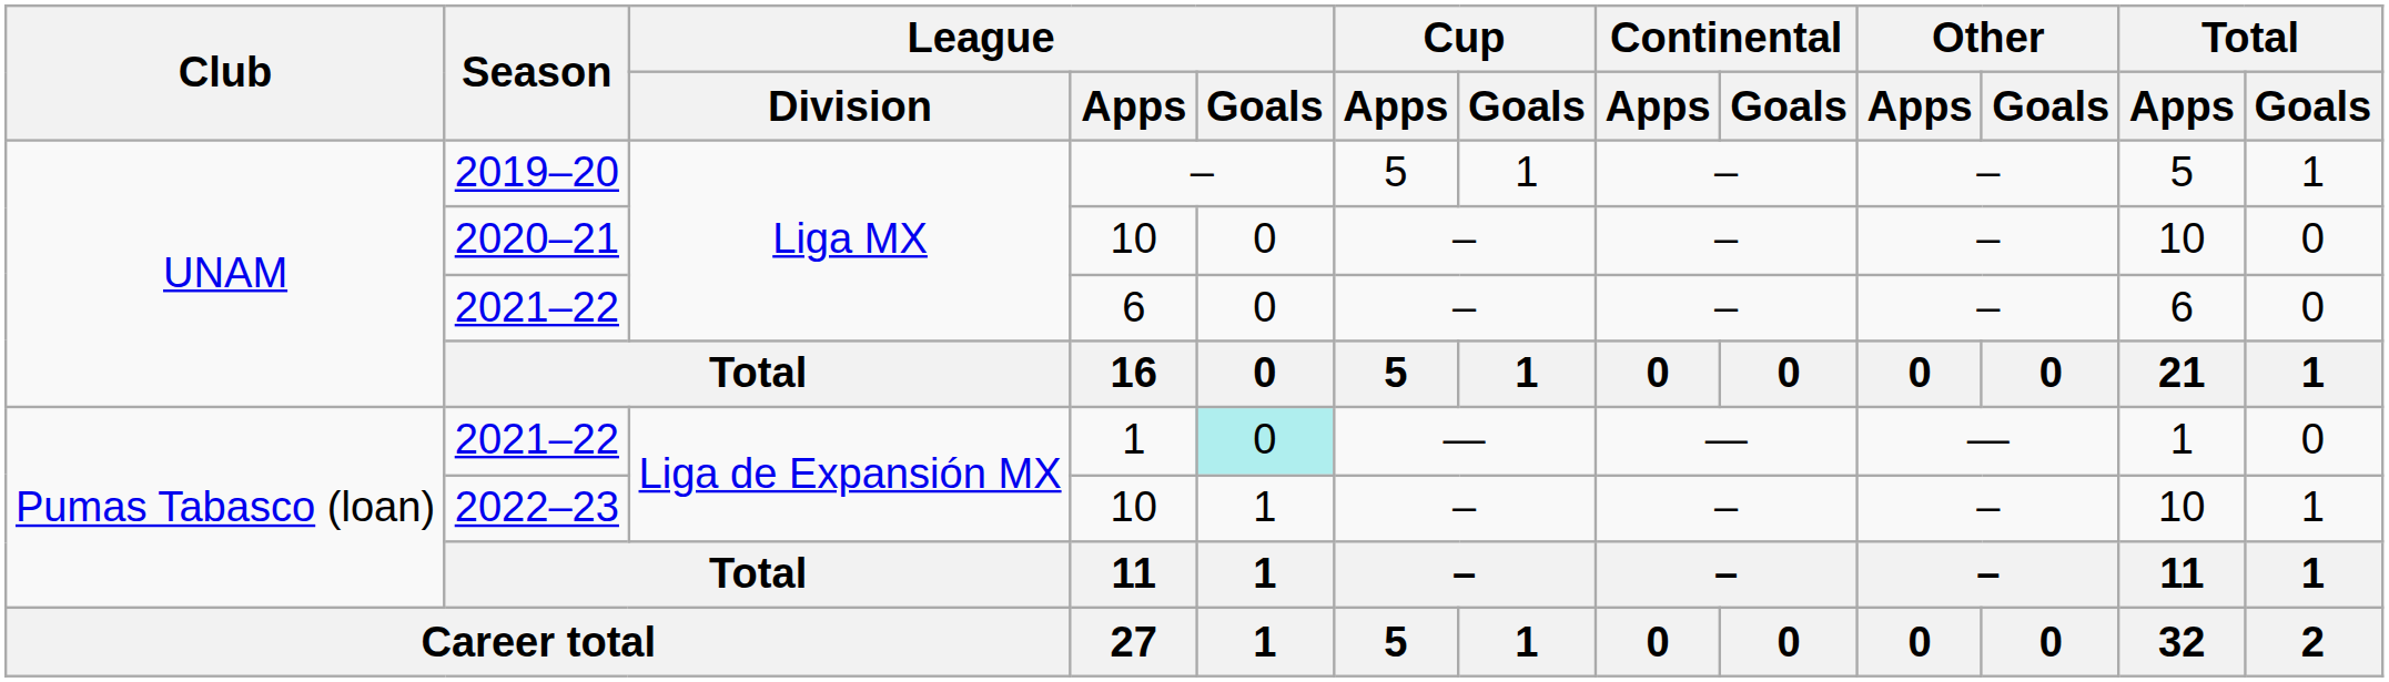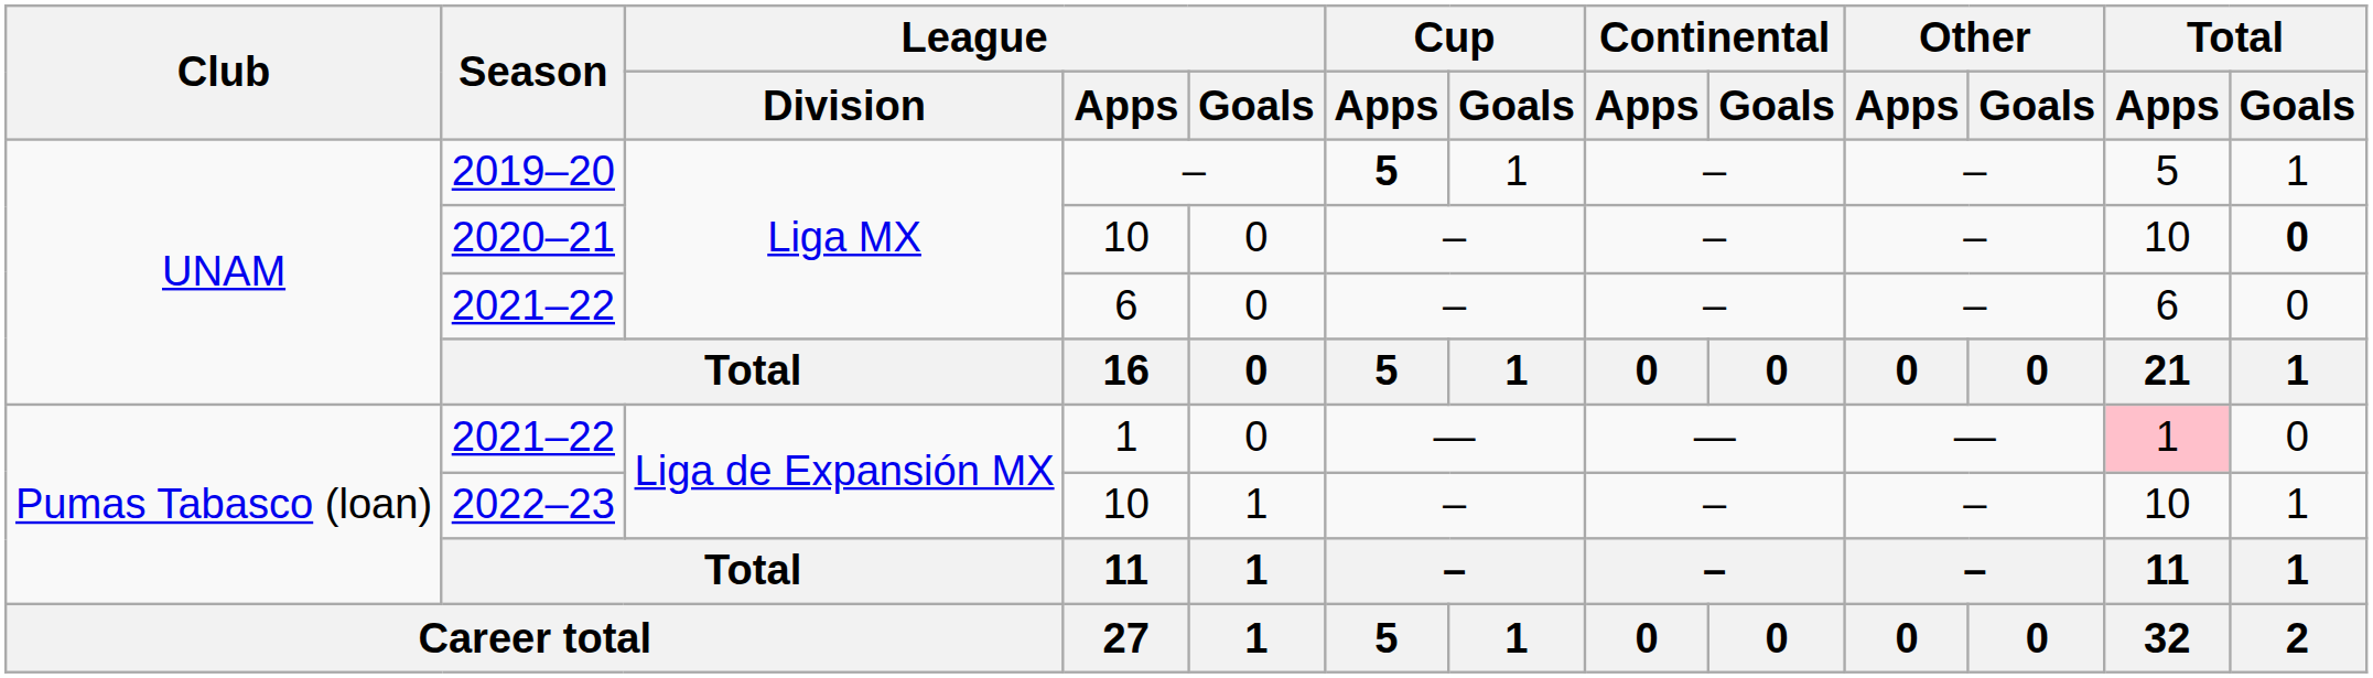 <table class="wikitable" style="text-align: center">
 <tr>
 <th rowspan="2">Club</th>
 <th rowspan="2">Season</th>
 <th colspan="3">League</th>
 <th colspan="2">Cup</th>
 <th colspan="2">Continental</th>
 <th colspan="2">Other</th>
 <th colspan="2">Total</th>
 </tr>
 <tr>
 <th>Division</th>
 <th>Apps</th>
 <th>Goals</th>
 <th>Apps</th>
 <th>Goals</th>
 <th>Apps</th>
 <th>Goals</th>
 <th>Apps</th>
 <th>Goals</th>
 <th>Apps</th>
 <th>Goals</th>
 </tr>
 <tr>
 <td rowspan="4"><a href='#'>UNAM</a></td>
 <td><a href='#'>2019–20</a></td>
 <td rowspan="3"><a href='#'>Liga MX</a></td>
 <td colspan="2">–</td>
-<td>5</td>
+<td><strong>5</strong></td>
 <td>1</td>
 <td colspan="2">–</td>
 <td colspan="2">–</td>
 <td>5</td>
 <td>1</td>
 </tr>
 <tr>
 <td><a href='#'>2020–21</a></td>
 <td>10</td>
 <td>0</td>
 <td colspan="2">–</td>
 <td colspan="2">–</td>
 <td colspan="2">–</td>
 <td>10</td>
-<td>0</td>
+<td><strong>0</strong></td>
 </tr>
 <tr>
 <td><a href='#'>2021–22</a></td>
 <td>6</td>
 <td>0</td>
 <td colspan="2">–</td>
 <td colspan="2">–</td>
 <td colspan="2">–</td>
 <td>6</td>
 <td>0</td>
 </tr>
 <tr>
 <th colspan="2">Total</th>
 <th>16</th>
 <th>0</th>
 <th>5</th>
 <th>1</th>
 <th>0</th>
 <th>0</th>
 <th>0</th>
 <th>0</th>
 <th>21</th>
 <th>1</th>
 </tr>
 <tr>
 <td rowspan="3"><a href='#'>Pumas Tabasco</a> (loan)</td>
 <td><a href='#'>2021–22</a></td>
 <td rowspan="2"><a href='#'>Liga de Expansión MX</a></td>
 <td>1</td>
-<td style="background: paleturquoise;">0</td>
+<td>0</td>
 <td colspan=2>—</td>
 <td colspan=2>—</td>
 <td colspan=2>—</td>
-<td>1</td>
+<td style="background: pink;">1</td>
 <td>0</td>
 </tr>
 <tr>
 <td><a href='#'>2022–23</a></td>
 <td>10</td>
 <td>1</td>
 <td colspan="2">–</td>
 <td colspan="2">–</td>
 <td colspan="2">–</td>
 <td>10</td>
 <td>1</td>
 </tr>
 <tr>
 <th colspan="2">Total</th>
 <th>11</th>
 <th>1</th>
 <th colspan="2">–</th>
 <th colspan="2">–</th>
 <th colspan="2">–</th>
 <th>11</th>
 <th>1</th>
 </tr>
 <tr>
 <th colspan="3"><strong>Career total</strong></th>
 <th>27</th>
 <th>1</th>
 <th>5</th>
 <th>1</th>
 <th>0</th>
 <th>0</th>
 <th>0</th>
 <th>0</th>
 <th>32</th>
 <th>2</th>
 </tr>
 </table>
